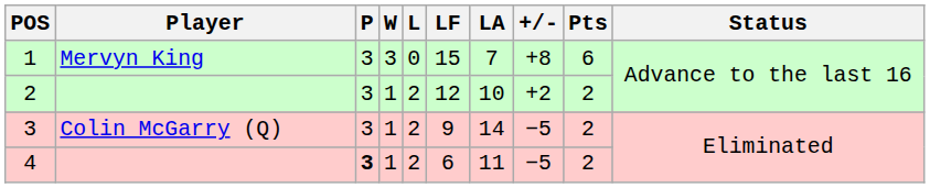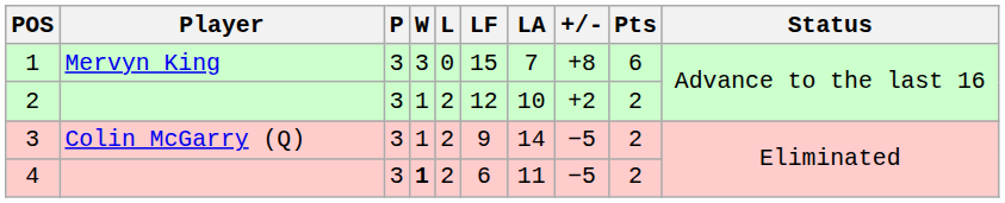 <table class="wikitable" style="text-align:center; margin: 1em auto 1em auto, align:left">
 <tr>
 <th width=20>POS</th>
 <th width=173>Player</th>
 <th width=3>P</th>
 <th width=3>W</th>
 <th width=3>L</th>
 <th width=20>LF</th>
 <th width=20>LA</th>
 <th width=20>+/-</th>
 <th width=20>Pts</th>
 <th width=179>Status</th>
 </tr>
 <tr style="background:#CCFFCC;">
 <td>1</td>
 <td style="text-align:left;"> <a href='#'>Mervyn King</a></td>
 <td>3</td>
 <td>3</td>
 <td>0</td>
 <td>15</td>
 <td>7</td>
 <td>+8</td>
 <td>6</td>
 <td rowspan=2>Advance to the last 16</td>
 </tr>
 <tr style="background:#CCFFCC;">
 <td>2</td>
 <td style="text-align:left;"></td>
 <td>3</td>
 <td>1</td>
 <td>2</td>
 <td>12</td>
 <td>10</td>
 <td>+2</td>
 <td>2</td>
 </tr>
 <tr style="background:#FFCCCC;">
 <td>3</td>
 <td style="text-align:left;"> <a href='#'>Colin McGarry</a> (Q)</td>
 <td>3</td>
 <td>1</td>
 <td>2</td>
 <td>9</td>
 <td>14</td>
 <td>−5</td>
 <td>2</td>
 <td rowspan=2>Eliminated</td>
 </tr>
 <tr style="background:#FFCCCC;">
 <td>4</td>
 <td style="text-align:left;"></td>
-<td><strong>3</strong></td>
-<td>1</td>
+<td>3</td>
+<td><strong>1</strong></td>
 <td>2</td>
 <td>6</td>
 <td>11</td>
 <td>−5</td>
 <td>2</td>
 </tr>
 </table>
